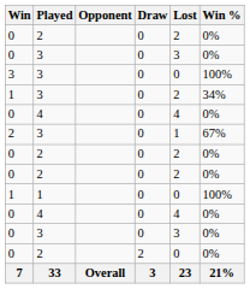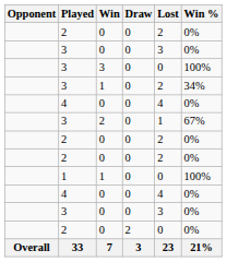 <table class="wikitable">
 <tr>
+<th>Opponent</th>
+<th>Played</th>
 <th>Win</th>
-<th>Played</th>
-<th>Opponent</th>
 <th>Draw</th>
 <th>Lost</th>
 <th>Win %</th>
 </tr>
 <tr>
+<td></td>
+<td>2</td>
 <td>0</td>
-<td>2</td>
-<td></td>
 <td>0</td>
 <td>2</td>
 <td>0%</td>
 </tr>
 <tr>
+<td></td>
+<td>3</td>
 <td>0</td>
-<td>3</td>
-<td></td>
 <td>0</td>
 <td>3</td>
 <td>0%</td>
 </tr>
 <tr>
+<td></td>
 <td>3</td>
 <td>3</td>
-<td></td>
 <td>0</td>
 <td>0</td>
 <td>100%</td>
 </tr>
 <tr>
+<td></td>
+<td>3</td>
 <td>1</td>
-<td>3</td>
-<td></td>
 <td>0</td>
 <td>2</td>
 <td>34%</td>
 </tr>
 <tr>
+<td></td>
+<td>4</td>
 <td>0</td>
-<td>4</td>
-<td></td>
 <td>0</td>
 <td>4</td>
 <td>0%</td>
 </tr>
 <tr>
+<td></td>
+<td>3</td>
 <td>2</td>
-<td>3</td>
-<td></td>
 <td>0</td>
 <td>1</td>
 <td>67%</td>
 </tr>
 <tr>
+<td></td>
+<td>2</td>
 <td>0</td>
-<td>2</td>
-<td></td>
 <td>0</td>
 <td>2</td>
 <td>0%</td>
 </tr>
 <tr>
+<td></td>
+<td>2</td>
 <td>0</td>
-<td>2</td>
-<td></td>
 <td>0</td>
 <td>2</td>
 <td>0%</td>
 </tr>
 <tr>
+<td></td>
 <td>1</td>
 <td>1</td>
-<td></td>
 <td>0</td>
 <td>0</td>
 <td>100%</td>
 </tr>
 <tr>
+<td></td>
+<td>4</td>
 <td>0</td>
-<td>4</td>
-<td></td>
 <td>0</td>
 <td>4</td>
 <td>0%</td>
 </tr>
 <tr>
+<td></td>
+<td>3</td>
 <td>0</td>
-<td>3</td>
-<td></td>
 <td>0</td>
 <td>3</td>
 <td>0%</td>
 </tr>
 <tr>
+<td></td>
+<td>2</td>
 <td>0</td>
-<td>2</td>
-<td></td>
 <td>2</td>
 <td>0</td>
 <td>0%</td>
 </tr>
 <tr>
+<th>Overall</th>
+<th>33</th>
 <th>7</th>
-<th>33</th>
-<th>Overall</th>
 <th>3</th>
 <th>23</th>
 <th>21%</th>
 </tr>
 </table>
